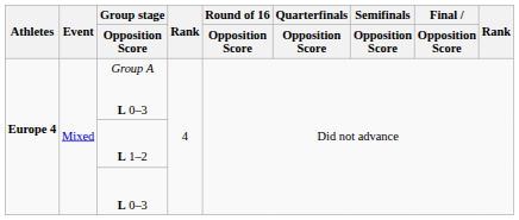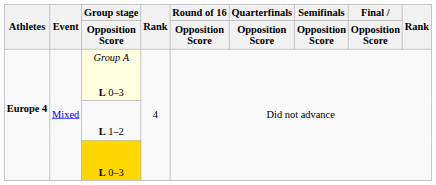 <table class="wikitable">
 <tr>
 <th rowspan="2">Athletes</th>
 <th rowspan="2">Event</th>
 <th>Group stage</th>
 <th rowspan="2">Rank</th>
 <th>Round of 16</th>
 <th>Quarterfinals</th>
 <th>Semifinals</th>
 <th>Final / </th>
 <th rowspan="2">Rank</th>
 </tr>
 <tr>
 <th>Opposition<br>Score</th>
 <th>Opposition<br>Score</th>
 <th>Opposition<br>Score</th>
 <th>Opposition<br>Score</th>
 <th>Opposition<br>Score</th>
 </tr>
 <tr align="center">
 <td rowspan="3" align="left"><strong>Europe 4</strong><br><br></td>
 <td rowspan="3" align="left"><a href='#'>Mixed</a></td>
-<td><em>Group A</em><br><br><br><strong>L</strong> 0–3</td>
+<td style="background: lightyellow;"><em>Group A</em><br><br><br><strong>L</strong> 0–3</td>
 <td rowspan="3">4</td>
 <td colspan="5" rowspan="3">Did not advance</td>
 </tr>
 <tr align="center">
 <td><br><br><strong>L</strong> 1–2</td>
 </tr>
 <tr align="center">
-<td><br><br><strong>L</strong> 0–3</td>
+<td style="background: gold;"><br><br><strong>L</strong> 0–3</td>
 </tr>
 </table>
